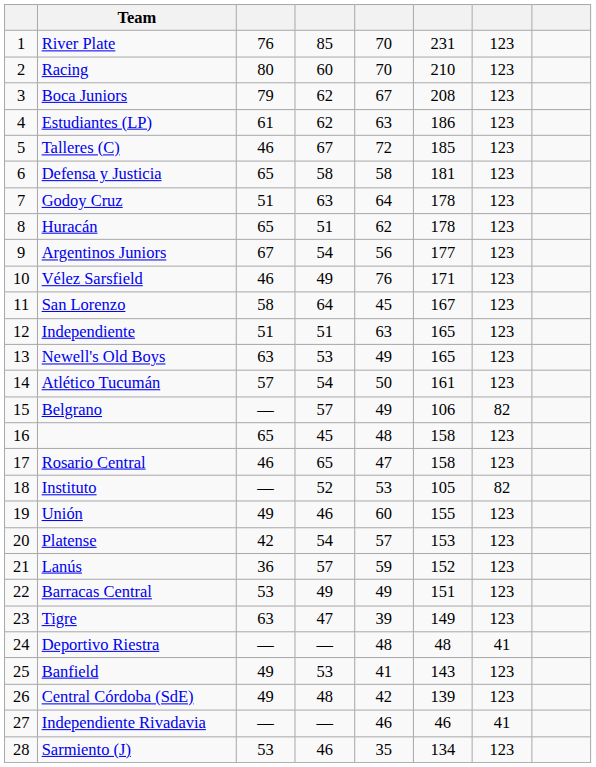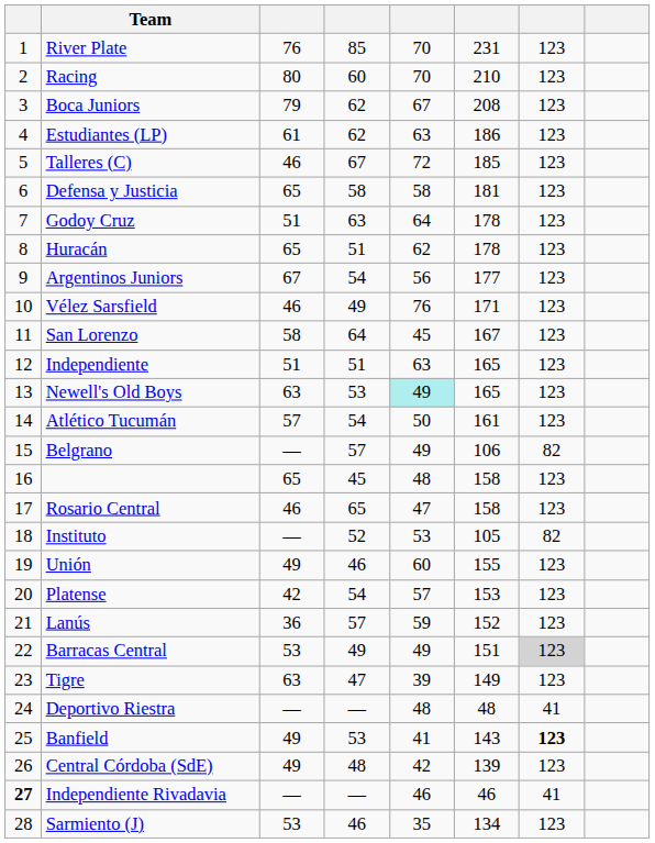 <table class="wikitable sortable" style="text-align: center;">
 <tr>
 <th width=25></th>
 <th width=185>Team</th>
 <th width=50></th>
 <th width=50></th>
 <th width=50></th>
 <th width=50></th>
 <th width=50></th>
 <th width=50></th>
 </tr>
 <tr>
 <td>1</td>
 <td align="left"><a href='#'>River Plate</a></td>
 <td>76</td>
 <td>85</td>
 <td>70</td>
 <td>231</td>
 <td>123</td>
 <td><strong></strong></td>
 </tr>
 <tr>
 <td>2</td>
 <td align="left"><a href='#'>Racing</a></td>
 <td>80</td>
 <td>60</td>
 <td>70</td>
 <td>210</td>
 <td>123</td>
 <td><strong></strong></td>
 </tr>
 <tr>
 <td>3</td>
 <td align="left"><a href='#'>Boca Juniors</a></td>
 <td>79</td>
 <td>62</td>
 <td>67</td>
 <td>208</td>
 <td>123</td>
 <td><strong></strong></td>
 </tr>
 <tr>
 <td>4</td>
 <td align="left"><a href='#'>Estudiantes (LP)</a></td>
 <td>61</td>
 <td>62</td>
 <td>63</td>
 <td>186</td>
 <td>123</td>
 <td><strong></strong></td>
 </tr>
 <tr>
 <td>5</td>
 <td align="left"><a href='#'>Talleres (C)</a></td>
 <td>46</td>
 <td>67</td>
 <td>72</td>
 <td>185</td>
 <td>123</td>
 <td><strong></strong></td>
 </tr>
 <tr>
 <td>6</td>
 <td align="left"><a href='#'>Defensa y Justicia</a></td>
 <td>65</td>
 <td>58</td>
 <td>58</td>
 <td>181</td>
 <td>123</td>
 <td><strong></strong></td>
 </tr>
 <tr>
 <td>7</td>
 <td align="left"><a href='#'>Godoy Cruz</a></td>
 <td>51</td>
 <td>63</td>
 <td>64</td>
 <td>178</td>
 <td>123</td>
 <td><strong></strong></td>
 </tr>
 <tr>
 <td>8</td>
 <td align="left"><a href='#'>Huracán</a></td>
 <td>65</td>
 <td>51</td>
 <td>62</td>
 <td>178</td>
 <td>123</td>
 <td><strong></strong></td>
 </tr>
 <tr>
 <td>9</td>
 <td align="left"><a href='#'>Argentinos Juniors</a></td>
 <td>67</td>
 <td>54</td>
 <td>56</td>
 <td>177</td>
 <td>123</td>
 <td><strong></strong></td>
 </tr>
 <tr>
 <td>10</td>
 <td align="left"><a href='#'>Vélez Sarsfield</a></td>
 <td>46</td>
 <td>49</td>
 <td>76</td>
 <td>171</td>
 <td>123</td>
 <td><strong></strong></td>
 </tr>
 <tr>
 <td>11</td>
 <td align="left"><a href='#'>San Lorenzo</a></td>
 <td>58</td>
 <td>64</td>
 <td>45</td>
 <td>167</td>
 <td>123</td>
 <td><strong></strong></td>
 </tr>
 <tr>
 <td>12</td>
 <td align="left"><a href='#'>Independiente</a></td>
 <td>51</td>
 <td>51</td>
 <td>63</td>
 <td>165</td>
 <td>123</td>
 <td><strong></strong></td>
 </tr>
 <tr>
 <td>13</td>
 <td align="left"><a href='#'>Newell's Old Boys</a></td>
 <td>63</td>
 <td>53</td>
-<td>49</td>
+<td style="background: paleturquoise;">49</td>
 <td>165</td>
 <td>123</td>
 <td><strong></strong></td>
 </tr>
 <tr>
 <td>14</td>
 <td align="left"><a href='#'>Atlético Tucumán</a></td>
 <td>57</td>
 <td>54</td>
 <td>50</td>
 <td>161</td>
 <td>123</td>
 <td><strong></strong></td>
 </tr>
 <tr>
 <td>15</td>
 <td align="left"><a href='#'>Belgrano</a></td>
 <td>—</td>
 <td>57</td>
 <td>49</td>
 <td>106</td>
 <td>82</td>
 <td><strong></strong></td>
 </tr>
 <tr>
 <td>16</td>
 <td align="left"></td>
 <td>65</td>
 <td>45</td>
 <td>48</td>
 <td>158</td>
 <td>123</td>
 <td><strong></strong></td>
 </tr>
 <tr>
 <td>17</td>
 <td align="left"><a href='#'>Rosario Central</a></td>
 <td>46</td>
 <td>65</td>
 <td>47</td>
 <td>158</td>
 <td>123</td>
 <td><strong></strong></td>
 </tr>
 <tr>
 <td>18</td>
 <td align="left"><a href='#'>Instituto</a></td>
 <td>—</td>
 <td>52</td>
 <td>53</td>
 <td>105</td>
 <td>82</td>
 <td><strong></strong></td>
 </tr>
 <tr>
 <td>19</td>
 <td align="left"><a href='#'>Unión</a></td>
 <td>49</td>
 <td>46</td>
 <td>60</td>
 <td>155</td>
 <td>123</td>
 <td><strong></strong></td>
 </tr>
 <tr>
 <td>20</td>
 <td align="left"><a href='#'>Platense</a></td>
 <td>42</td>
 <td>54</td>
 <td>57</td>
 <td>153</td>
 <td>123</td>
 <td><strong></strong></td>
 </tr>
 <tr>
 <td>21</td>
 <td align="left"><a href='#'>Lanús</a></td>
 <td>36</td>
 <td>57</td>
 <td>59</td>
 <td>152</td>
 <td>123</td>
 <td><strong></strong></td>
 </tr>
 <tr>
 <td>22</td>
 <td align="left"><a href='#'>Barracas Central</a></td>
 <td>53</td>
 <td>49</td>
 <td>49</td>
 <td>151</td>
-<td>123</td>
+<td style="background: lightgrey;">123</td>
 <td><strong></strong></td>
 </tr>
 <tr>
 <td>23</td>
 <td align="left"><a href='#'>Tigre</a></td>
 <td>63</td>
 <td>47</td>
 <td>39</td>
 <td>149</td>
 <td>123</td>
 <td><strong></strong></td>
 </tr>
 <tr>
 <td>24</td>
 <td align="left"><a href='#'>Deportivo Riestra</a></td>
 <td>—</td>
 <td>—</td>
 <td>48</td>
 <td>48</td>
 <td>41</td>
 <td><strong></strong></td>
 </tr>
 <tr>
 <td>25</td>
 <td align="left"><a href='#'>Banfield</a></td>
 <td>49</td>
 <td>53</td>
 <td>41</td>
 <td>143</td>
-<td>123</td>
+<td><strong>123</strong></td>
 <td><strong></strong></td>
 </tr>
 <tr>
 <td>26</td>
 <td align="left"><a href='#'>Central Córdoba (SdE)</a></td>
 <td>49</td>
 <td>48</td>
 <td>42</td>
 <td>139</td>
 <td>123</td>
 <td><strong></strong></td>
 </tr>
 <tr>
-<td>27</td>
+<td><strong>27</strong></td>
 <td align="left"><a href='#'>Independiente Rivadavia</a></td>
 <td>—</td>
 <td>—</td>
 <td>46</td>
 <td>46</td>
 <td>41</td>
 <td><strong></strong></td>
 </tr>
 <tr>
 <td>28</td>
 <td align="left"><a href='#'>Sarmiento (J)</a></td>
 <td>53</td>
 <td>46</td>
 <td>35</td>
 <td>134</td>
 <td>123</td>
 <td><strong></strong></td>
 </tr>
 </table>
